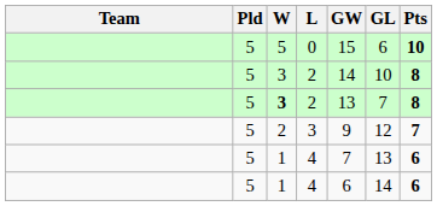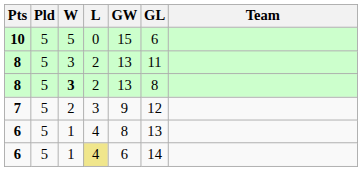 <table class="wikitable" style="text-align:center">
 <tr>
-<th width=200>Team</th>
+<th width=20>Pts</th>
 <th width=20>Pld</th>
 <th width=20>W</th>
 <th width=20>L</th>
 <th width=20>GW</th>
 <th width=20>GL</th>
-<th width=20>Pts</th>
+<th width=200>Team</th>
 </tr>
 <tr bgcolor=ccffcc>
-<td style="text-align:left;"></td>
+<td><strong>10</strong></td>
 <td>5</td>
 <td>5</td>
 <td>0</td>
 <td>15</td>
 <td>6</td>
-<td><strong>10</strong></td>
+<td style="text-align:left;"></td>
 </tr>
 <tr bgcolor=ccffcc>
-<td style="text-align:left;"></td>
+<td><strong>8</strong></td>
 <td>5</td>
 <td>3</td>
 <td>2</td>
-<td>14</td>
-<td>10</td>
-<td><strong>8</strong></td>
+<td>13</td>
+<td>11</td>
+<td style="text-align:left;"></td>
 </tr>
 <tr bgcolor=ccffcc>
-<td style="text-align:left;"></td>
+<td><strong>8</strong></td>
 <td>5</td>
 <td><strong>3</strong></td>
 <td>2</td>
 <td>13</td>
-<td>7</td>
-<td><strong>8</strong></td>
+<td>8</td>
+<td style="text-align:left;"></td>
 </tr>
 <tr>
-<td style="text-align:left;"></td>
+<td><strong>7</strong></td>
 <td>5</td>
 <td>2</td>
 <td>3</td>
 <td>9</td>
 <td>12</td>
-<td><strong>7</strong></td>
+<td style="text-align:left;"></td>
 </tr>
 <tr>
-<td style="text-align:left;"></td>
+<td><strong>6</strong></td>
 <td>5</td>
 <td>1</td>
 <td>4</td>
-<td>7</td>
+<td>8</td>
 <td>13</td>
-<td><strong>6</strong></td>
+<td style="text-align:left;"></td>
 </tr>
 <tr>
-<td style="text-align:left;"></td>
+<td><strong>6</strong></td>
 <td>5</td>
 <td>1</td>
-<td>4</td>
+<td style="background: khaki;">4</td>
 <td>6</td>
 <td>14</td>
-<td><strong>6</strong></td>
+<td style="text-align:left;"></td>
 </tr>
 </table>
